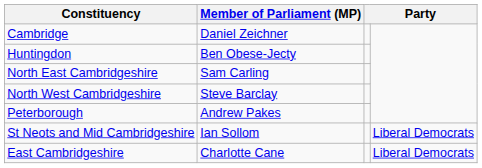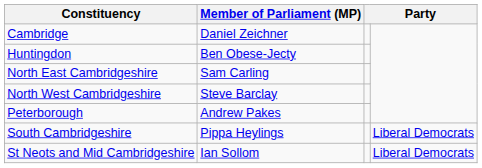 <table class="wikitable">
 <tr>
 <th>Constituency</th>
 <th><a href='#'>Member of Parliament</a> (MP)</th>
 <th colspan="2">Party</th>
 </tr>
 <tr>
 <td><a href='#'>Cambridge</a></td>
 <td><a href='#'>Daniel Zeichner</a></td>
 <td></td>
 </tr>
 <tr>
 <td><a href='#'>Huntingdon</a></td>
 <td><a href='#'>Ben Obese-Jecty</a></td>
 <td></td>
 </tr>
 <tr>
 <td><a href='#'>North East Cambridgeshire</a></td>
 <td><a href='#'>Sam Carling</a></td>
 <td></td>
 </tr>
 <tr>
 <td><a href='#'>North West Cambridgeshire</a></td>
 <td><a href='#'>Steve Barclay</a></td>
 <td></td>
 </tr>
 <tr>
 <td><a href='#'>Peterborough</a></td>
 <td><a href='#'>Andrew Pakes</a></td>
 <td></td>
 </tr>
 <tr>
+<td><a href='#'>South Cambridgeshire</a></td>
+<td [(politician)><a href='#'>Pippa Heylings</a></td>
+<td style="color:inherit;background-color: "></td>
+<td><a href='#'>Liberal Democrats</a></td>
+</tr>
+<tr>
 <td><a href='#'>St Neots and Mid Cambridgeshire</a></td>
 <td><a href='#'>Ian Sollom</a></td>
 <td style="color:inherit;background-color: "></td>
 <td><a href='#'>Liberal Democrats</a></td>
 </tr>
-<tr>
-<td><a href='#'>East Cambridgeshire</a></td>
-<td><a href='#'>Charlotte Cane</a></td>
-<td style="color:inherit;background-color: "></td>
-<td><a href='#'>Liberal Democrats</a></td>
-</tr>
 </table>
